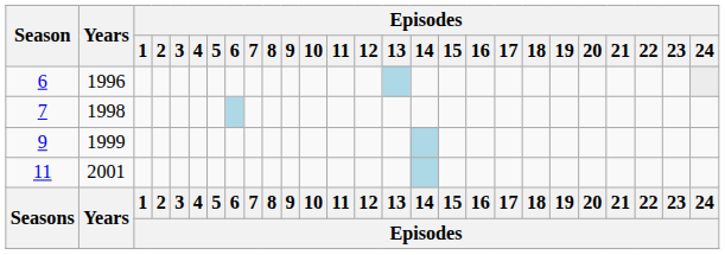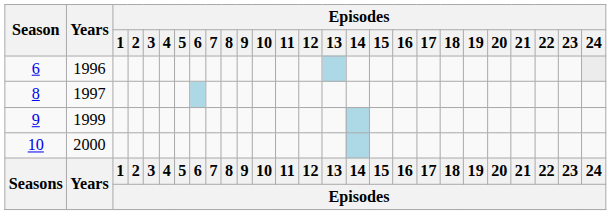 <table class="wikitable" style="text-align:center; margin:auto;">
 <tr>
 <th colspan="1" rowspan="2" style="text-align:center;">Season</th>
 <th colspan="1" rowspan="2" style="text-align:center;">Years</th>
 <th colspan="24"  style="text-align:center;">Episodes</th>
 </tr>
 <tr>
 <th colspan="1" style="text-align:center;">1</th>
 <th colspan="1" style="text-align:center;">2</th>
 <th colspan="1" style="text-align:center;">3</th>
 <th colspan="1" style="text-align:center;">4</th>
 <th colspan="1" style="text-align:center;">5</th>
 <th colspan="1" style="text-align:center;">6</th>
 <th colspan="1" style="text-align:center;">7</th>
 <th colspan="1" style="text-align:center;">8</th>
 <th colspan="1" style="text-align:center;">9</th>
 <th colspan="1" style="text-align:center;">10</th>
 <th colspan="1" style="text-align:center;">11</th>
 <th colspan="1" style="text-align:center;">12</th>
 <th colspan="1" style="text-align:center;">13</th>
 <th colspan="1" style="text-align:center;">14</th>
 <th colspan="1" style="text-align:center;">15</th>
 <th colspan="1" style="text-align:center;">16</th>
 <th colspan="1" style="text-align:center;">17</th>
 <th colspan="1" style="text-align:center;">18</th>
 <th colspan="1" style="text-align:center;">19</th>
 <th colspan="1" style="text-align:center;">20</th>
 <th colspan="1" style="text-align:center;">21</th>
 <th colspan="1" style="text-align:center;">22</th>
 <th colspan="1" style="text-align:center;">23</th>
 <th colspan="1" style="text-align:center;">24</th>
 </tr>
 <tr>
 <td><a href='#'>6</a></td>
 <td>1996</td>
 <td></td>
 <td></td>
 <td></td>
 <td></td>
 <td></td>
 <td></td>
 <td></td>
 <td></td>
 <td></td>
 <td></td>
 <td></td>
 <td></td>
 <td colspan="1" style="background:lightblue; text-align:center;"></td>
 <td></td>
 <td></td>
 <td></td>
 <td></td>
 <td></td>
 <td></td>
 <td></td>
 <td></td>
 <td></td>
 <td></td>
 <td colspan="1" style="background:#ececec; color:gray; vertical-align:middle; text-align:center;" class="table-na"></td>
 </tr>
 <tr>
-<td><a href='#'>7</a></td>
-<td>1998</td>
+<td><a href='#'>8</a></td>
+<td>1997</td>
 <td></td>
 <td></td>
 <td></td>
 <td></td>
 <td></td>
 <td colspan="1" style="background:lightblue; text-align:center;"></td>
 <td></td>
 <td></td>
 <td></td>
 <td></td>
 <td></td>
 <td></td>
 <td></td>
 <td></td>
 <td></td>
 <td></td>
 <td></td>
 <td></td>
 <td></td>
 <td></td>
 <td></td>
 <td></td>
 <td></td>
 <td></td>
 </tr>
 <tr>
 <td><a href='#'>9</a></td>
 <td>1999</td>
 <td></td>
 <td></td>
 <td></td>
 <td></td>
 <td></td>
 <td></td>
 <td></td>
 <td></td>
 <td></td>
 <td></td>
 <td></td>
 <td></td>
 <td></td>
 <td colspan="1" style="background:lightblue; text-align:center;"></td>
 <td></td>
 <td></td>
 <td></td>
 <td></td>
 <td></td>
 <td></td>
 <td></td>
 <td></td>
 <td></td>
 <td></td>
 </tr>
 <tr>
-<td><a href='#'>11</a></td>
-<td>2001</td>
+<td><a href='#'>10</a></td>
+<td>2000</td>
 <td></td>
 <td></td>
 <td></td>
 <td></td>
 <td></td>
 <td></td>
 <td></td>
 <td></td>
 <td></td>
 <td></td>
 <td></td>
 <td></td>
 <td></td>
 <td colspan="1" style="background:lightblue; text-align:center;"></td>
 <td></td>
 <td></td>
 <td></td>
 <td></td>
 <td></td>
 <td></td>
 <td></td>
 <td></td>
 <td></td>
 <td></td>
 </tr>
 <tr>
 <th rowspan="2" colspan="1" style="text-align:center;">Seasons</th>
 <th colspan="1" rowspan="2" style="text-align:center;">Years</th>
 <th colspan="1" style="text-align:center;">1</th>
 <th colspan="1" style="text-align:center;">2</th>
 <th colspan="1" style="text-align:center;">3</th>
 <th colspan="1" style="text-align:center;">4</th>
 <th colspan="1" style="text-align:center;">5</th>
 <th colspan="1" style="text-align:center;">6</th>
 <th colspan="1" style="text-align:center;">7</th>
 <th colspan="1" style="text-align:center;">8</th>
 <th colspan="1" style="text-align:center;">9</th>
 <th colspan="1" style="text-align:center;">10</th>
 <th colspan="1" style="text-align:center;">11</th>
 <th colspan="1" style="text-align:center;">12</th>
 <th colspan="1" style="text-align:center;">13</th>
 <th colspan="1" style="text-align:center;">14</th>
 <th colspan="1" style="text-align:center;">15</th>
 <th colspan="1" style="text-align:center;">16</th>
 <th colspan="1" style="text-align:center;">17</th>
 <th colspan="1" style="text-align:center;">18</th>
 <th colspan="1" style="text-align:center;">19</th>
 <th colspan="1" style="text-align:center;">20</th>
 <th colspan="1" style="text-align:center;">21</th>
 <th colspan="1" style="text-align:center;">22</th>
 <th colspan="1" style="text-align:center;">23</th>
 <th colspan="1" style="text-align:center;">24</th>
 </tr>
 <tr>
 <th colspan="24"  style="text-align:center;">Episodes</th>
 </tr>
 <tr>
 </tr>
 </table>
